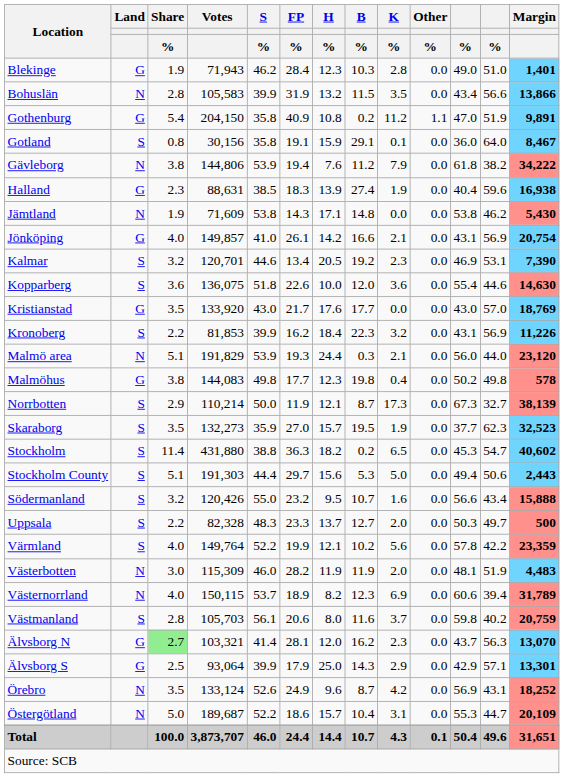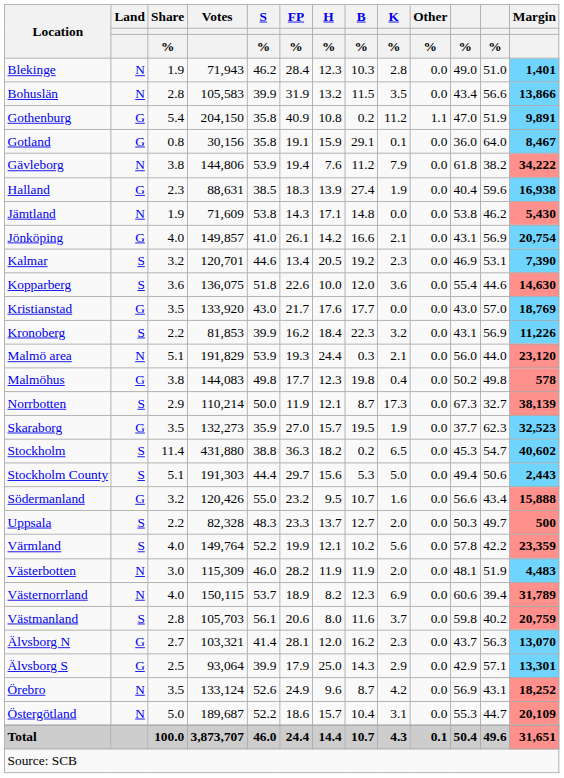 <table class="wikitable sortable" style="text-align:right; font-size:95%; line-height:20px;">
 <tr>
 <th rowspan="3">Location</th>
 <th>Land</th>
 <th>Share</th>
 <th>Votes</th>
 <th width="30px" class="unsortable"><a href='#'>S</a></th>
 <th width="30px" class="unsortable"><a href='#'>FP</a></th>
 <th width="30px" class="unsortable"><a href='#'>H</a></th>
 <th width="30px" class="unsortable"><a href='#'>B</a></th>
 <th width="30px" class="unsortable"><a href='#'>K</a></th>
 <th width="30px" class="unsortable">Other</th>
 <th></th>
 <th></th>
 <th>Margin</th>
 </tr>
 <tr>
 <th></th>
 <th></th>
 <th></th>
 <th style="background:"></th>
 <th style="background:"></th>
 <th style="background:"></th>
 <th style="background:"></th>
 <th style="background:"></th>
 <th style="background:"></th>
 <th style="background:"></th>
 <th style="background:"></th>
 <th></th>
 </tr>
 <tr>
 <th></th>
 <th data-sort-type="number">%</th>
 <th></th>
 <th data-sort-type="number">%</th>
 <th data-sort-type="number">%</th>
 <th data-sort-type="number">%</th>
 <th data-sort-type="number">%</th>
 <th data-sort-type="number">%</th>
 <th data-sort-type="number">%</th>
 <th data-sort-type="number">%</th>
 <th data-sort-type="number">%</th>
 <th></th>
 </tr>
 <tr>
 <td align=left><a href='#'>Blekinge</a></td>
-<td><a href='#'>G</a></td>
+<td><a href='#'>N</a></td>
 <td>1.9</td>
 <td>71,943</td>
 <td>46.2</td>
 <td>28.4</td>
 <td>12.3</td>
 <td>10.3</td>
 <td>2.8</td>
 <td>0.0</td>
 <td>49.0</td>
 <td>51.0</td>
 <td bgcolor=#6fd5fe><strong>1,401</strong></td>
 </tr>
 <tr>
 <td align=left><a href='#'>Bohuslän</a></td>
 <td><a href='#'>N</a></td>
 <td>2.8</td>
 <td>105,583</td>
 <td>39.9</td>
 <td>31.9</td>
 <td>13.2</td>
 <td>11.5</td>
 <td>3.5</td>
 <td>0.0</td>
 <td>43.4</td>
 <td>56.6</td>
 <td bgcolor=#6fd5fe><strong>13,866</strong></td>
 </tr>
 <tr>
 <td align=left><a href='#'>Gothenburg</a></td>
 <td><a href='#'>G</a></td>
 <td>5.4</td>
 <td>204,150</td>
 <td>35.8</td>
 <td>40.9</td>
 <td>10.8</td>
 <td>0.2</td>
 <td>11.2</td>
 <td>1.1</td>
 <td>47.0</td>
 <td>51.9</td>
 <td bgcolor=#6fd5fe><strong>9,891</strong></td>
 </tr>
 <tr>
 <td align=left><a href='#'>Gotland</a></td>
-<td><a href='#'>S</a></td>
+<td><a href='#'>G</a></td>
 <td>0.8</td>
 <td>30,156</td>
 <td>35.8</td>
 <td>19.1</td>
 <td>15.9</td>
 <td>29.1</td>
 <td>0.1</td>
 <td>0.0</td>
 <td>36.0</td>
 <td>64.0</td>
 <td bgcolor=#6fd5fe><strong>8,467</strong></td>
 </tr>
 <tr>
 <td align=left><a href='#'>Gävleborg</a></td>
 <td><a href='#'>N</a></td>
 <td>3.8</td>
 <td>144,806</td>
 <td>53.9</td>
 <td>19.4</td>
 <td>7.6</td>
 <td>11.2</td>
 <td>7.9</td>
 <td>0.0</td>
 <td>61.8</td>
 <td>38.2</td>
 <td bgcolor=#ff908c><strong>34,222</strong></td>
 </tr>
 <tr>
 <td align=left><a href='#'>Halland</a></td>
 <td><a href='#'>G</a></td>
 <td>2.3</td>
 <td>88,631</td>
 <td>38.5</td>
 <td>18.3</td>
 <td>13.9</td>
 <td>27.4</td>
 <td>1.9</td>
 <td>0.0</td>
 <td>40.4</td>
 <td>59.6</td>
 <td bgcolor=#6fd5fe><strong>16,938</strong></td>
 </tr>
 <tr>
 <td align=left><a href='#'>Jämtland</a></td>
 <td><a href='#'>N</a></td>
 <td>1.9</td>
 <td>71,609</td>
 <td>53.8</td>
 <td>14.3</td>
 <td>17.1</td>
 <td>14.8</td>
 <td>0.0</td>
 <td>0.0</td>
 <td>53.8</td>
 <td>46.2</td>
 <td bgcolor=#ff908c><strong>5,430</strong></td>
 </tr>
 <tr>
 <td align=left><a href='#'>Jönköping</a></td>
 <td><a href='#'>G</a></td>
 <td>4.0</td>
 <td>149,857</td>
 <td>41.0</td>
 <td>26.1</td>
 <td>14.2</td>
 <td>16.6</td>
 <td>2.1</td>
 <td>0.0</td>
 <td>43.1</td>
 <td>56.9</td>
 <td bgcolor=#6fd5fe><strong>20,754</strong></td>
 </tr>
 <tr>
 <td align=left><a href='#'>Kalmar</a></td>
 <td><a href='#'>S</a></td>
 <td>3.2</td>
 <td>120,701</td>
 <td>44.6</td>
 <td>13.4</td>
 <td>20.5</td>
 <td>19.2</td>
 <td>2.3</td>
 <td>0.0</td>
 <td>46.9</td>
 <td>53.1</td>
 <td bgcolor=#6fd5fe><strong>7,390</strong></td>
 </tr>
 <tr>
 <td align=left><a href='#'>Kopparberg</a></td>
 <td><a href='#'>S</a></td>
 <td>3.6</td>
 <td>136,075</td>
 <td>51.8</td>
 <td>22.6</td>
 <td>10.0</td>
 <td>12.0</td>
 <td>3.6</td>
 <td>0.0</td>
 <td>55.4</td>
 <td>44.6</td>
 <td bgcolor=#ff908c><strong>14,630</strong></td>
 </tr>
 <tr>
 <td align=left><a href='#'>Kristianstad</a></td>
 <td><a href='#'>G</a></td>
 <td>3.5</td>
 <td>133,920</td>
 <td>43.0</td>
 <td>21.7</td>
 <td>17.6</td>
 <td>17.7</td>
 <td>0.0</td>
 <td>0.0</td>
 <td>43.0</td>
 <td>57.0</td>
 <td bgcolor=#6fd5fe><strong>18,769</strong></td>
 </tr>
 <tr>
 <td align=left><a href='#'>Kronoberg</a></td>
 <td><a href='#'>S</a></td>
 <td>2.2</td>
 <td>81,853</td>
 <td>39.9</td>
 <td>16.2</td>
 <td>18.4</td>
 <td>22.3</td>
 <td>3.2</td>
 <td>0.0</td>
 <td>43.1</td>
 <td>56.9</td>
 <td bgcolor=#6fd5fe><strong>11,226</strong></td>
 </tr>
 <tr>
 <td align=left><a href='#'>Malmö area</a></td>
 <td><a href='#'>N</a></td>
 <td>5.1</td>
 <td>191,829</td>
 <td>53.9</td>
 <td>19.3</td>
 <td>24.4</td>
 <td>0.3</td>
 <td>2.1</td>
 <td>0.0</td>
 <td>56.0</td>
 <td>44.0</td>
 <td bgcolor=#ff908c><strong>23,120</strong></td>
 </tr>
 <tr>
 <td align=left><a href='#'>Malmöhus</a></td>
 <td><a href='#'>G</a></td>
 <td>3.8</td>
 <td>144,083</td>
 <td>49.8</td>
 <td>17.7</td>
 <td>12.3</td>
 <td>19.8</td>
 <td>0.4</td>
 <td>0.0</td>
 <td>50.2</td>
 <td>49.8</td>
 <td bgcolor=#ff908c><strong>578</strong></td>
 </tr>
 <tr>
 <td align=left><a href='#'>Norrbotten</a></td>
 <td><a href='#'>S</a></td>
 <td>2.9</td>
 <td>110,214</td>
 <td>50.0</td>
 <td>11.9</td>
 <td>12.1</td>
 <td>8.7</td>
 <td>17.3</td>
 <td>0.0</td>
 <td>67.3</td>
 <td>32.7</td>
 <td bgcolor=#ff908c><strong>38,139</strong></td>
 </tr>
 <tr>
 <td align=left><a href='#'>Skaraborg</a></td>
-<td><a href='#'>S</a></td>
+<td><a href='#'>G</a></td>
 <td>3.5</td>
 <td>132,273</td>
 <td>35.9</td>
 <td>27.0</td>
 <td>15.7</td>
 <td>19.5</td>
 <td>1.9</td>
 <td>0.0</td>
 <td>37.7</td>
 <td>62.3</td>
 <td bgcolor=#6fd5fe><strong>32,523</strong></td>
 </tr>
 <tr>
 <td align=left><a href='#'>Stockholm</a></td>
 <td><a href='#'>S</a></td>
 <td>11.4</td>
 <td>431,880</td>
 <td>38.8</td>
 <td>36.3</td>
 <td>18.2</td>
 <td>0.2</td>
 <td>6.5</td>
 <td>0.0</td>
 <td>45.3</td>
 <td>54.7</td>
 <td bgcolor=#6fd5fe><strong>40,602</strong></td>
 </tr>
 <tr>
 <td align=left><a href='#'>Stockholm County</a></td>
 <td><a href='#'>S</a></td>
 <td>5.1</td>
 <td>191,303</td>
 <td>44.4</td>
 <td>29.7</td>
 <td>15.6</td>
 <td>5.3</td>
 <td>5.0</td>
 <td>0.0</td>
 <td>49.4</td>
 <td>50.6</td>
 <td bgcolor=#6fd5fe><strong>2,443</strong></td>
 </tr>
 <tr>
 <td align=left><a href='#'>Södermanland</a></td>
-<td><a href='#'>S</a></td>
+<td><a href='#'>G</a></td>
 <td>3.2</td>
 <td>120,426</td>
 <td>55.0</td>
 <td>23.2</td>
 <td>9.5</td>
 <td>10.7</td>
 <td>1.6</td>
 <td>0.0</td>
 <td>56.6</td>
 <td>43.4</td>
 <td bgcolor=#ff908c><strong>15,888</strong></td>
 </tr>
 <tr>
 <td align=left><a href='#'>Uppsala</a></td>
 <td><a href='#'>S</a></td>
 <td>2.2</td>
 <td>82,328</td>
 <td>48.3</td>
 <td>23.3</td>
 <td>13.7</td>
 <td>12.7</td>
 <td>2.0</td>
 <td>0.0</td>
 <td>50.3</td>
 <td>49.7</td>
 <td bgcolor=#ff908c><strong>500</strong></td>
 </tr>
 <tr>
 <td align=left><a href='#'>Värmland</a></td>
 <td><a href='#'>S</a></td>
 <td>4.0</td>
 <td>149,764</td>
 <td>52.2</td>
 <td>19.9</td>
 <td>12.1</td>
 <td>10.2</td>
 <td>5.6</td>
 <td>0.0</td>
 <td>57.8</td>
 <td>42.2</td>
 <td bgcolor=#ff908c><strong>23,359</strong></td>
 </tr>
 <tr>
 <td align=left><a href='#'>Västerbotten</a></td>
 <td><a href='#'>N</a></td>
 <td>3.0</td>
 <td>115,309</td>
 <td>46.0</td>
 <td>28.2</td>
 <td>11.9</td>
 <td>11.9</td>
 <td>2.0</td>
 <td>0.0</td>
 <td>48.1</td>
 <td>51.9</td>
 <td bgcolor=#6fd5fe><strong>4,483</strong></td>
 </tr>
 <tr>
 <td align=left><a href='#'>Västernorrland</a></td>
 <td><a href='#'>N</a></td>
 <td>4.0</td>
 <td>150,115</td>
 <td>53.7</td>
 <td>18.9</td>
 <td>8.2</td>
 <td>12.3</td>
 <td>6.9</td>
 <td>0.0</td>
 <td>60.6</td>
 <td>39.4</td>
 <td bgcolor=#ff908c><strong>31,789</strong></td>
 </tr>
 <tr>
 <td align=left><a href='#'>Västmanland</a></td>
 <td><a href='#'>S</a></td>
 <td>2.8</td>
 <td>105,703</td>
 <td>56.1</td>
 <td>20.6</td>
 <td>8.0</td>
 <td>11.6</td>
 <td>3.7</td>
 <td>0.0</td>
 <td>59.8</td>
 <td>40.2</td>
 <td bgcolor=#ff908c><strong>20,759</strong></td>
 </tr>
 <tr>
 <td align=left><a href='#'>Älvsborg N</a></td>
 <td><a href='#'>G</a></td>
-<td style="background: lightgreen;">2.7</td>
+<td>2.7</td>
 <td>103,321</td>
 <td>41.4</td>
 <td>28.1</td>
 <td>12.0</td>
 <td>16.2</td>
 <td>2.3</td>
 <td>0.0</td>
 <td>43.7</td>
 <td>56.3</td>
 <td bgcolor=#6fd5fe><strong>13,070</strong></td>
 </tr>
 <tr>
 <td align=left><a href='#'>Älvsborg S</a></td>
 <td><a href='#'>G</a></td>
 <td>2.5</td>
 <td>93,064</td>
 <td>39.9</td>
 <td>17.9</td>
 <td>25.0</td>
 <td>14.3</td>
 <td>2.9</td>
 <td>0.0</td>
 <td>42.9</td>
 <td>57.1</td>
 <td bgcolor=#6fd5fe><strong>13,301</strong></td>
 </tr>
 <tr>
 <td align=left><a href='#'>Örebro</a></td>
 <td><a href='#'>N</a></td>
 <td>3.5</td>
 <td>133,124</td>
 <td>52.6</td>
 <td>24.9</td>
 <td>9.6</td>
 <td>8.7</td>
 <td>4.2</td>
 <td>0.0</td>
 <td>56.9</td>
 <td>43.1</td>
 <td bgcolor=#ff908c><strong>18,252</strong></td>
 </tr>
 <tr>
 <td align=left><a href='#'>Östergötland</a></td>
 <td><a href='#'>N</a></td>
 <td>5.0</td>
 <td>189,687</td>
 <td>52.2</td>
 <td>18.6</td>
 <td>15.7</td>
 <td>10.4</td>
 <td>3.1</td>
 <td>0.0</td>
 <td>55.3</td>
 <td>44.7</td>
 <td bgcolor=#ff908c><strong>20,109</strong></td>
 </tr>
 <tr>
 </tr>
 <tr style="background:#CDCDCD;">
 <td align=left><strong>Total</strong></td>
 <td></td>
 <td><strong>100.0</strong></td>
 <td><strong>3,873,707</strong></td>
 <td><strong>46.0</strong></td>
 <td><strong>24.4</strong></td>
 <td><strong>14.4</strong></td>
 <td><strong>10.7</strong></td>
 <td><strong>4.3</strong></td>
 <td><strong>0.1</strong></td>
 <td><strong>50.4</strong></td>
 <td><strong>49.6</strong></td>
 <td bgcolor=#ff908c><strong>31,651</strong></td>
 </tr>
 <tr>
 <td align=left colspan=13>Source: SCB </td>
 </tr>
 </table>
